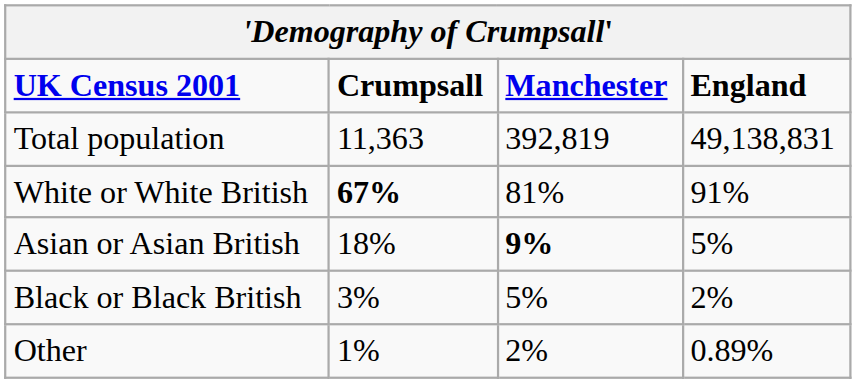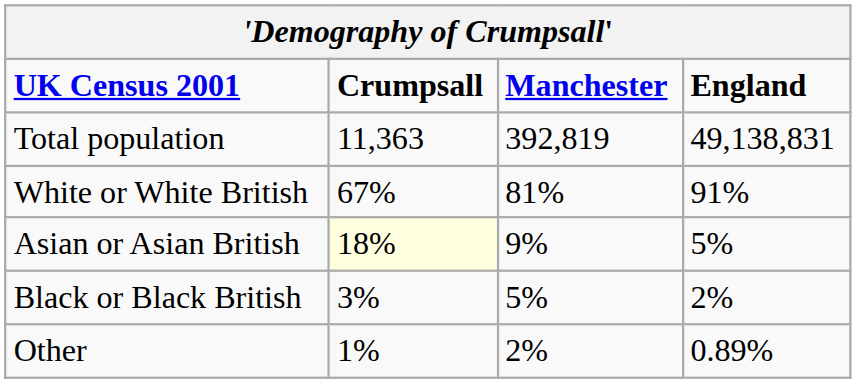 <table class="wikitable" style="float: right; margin-left: 1em; width: 30%; font-size: 90%">
 <tr>
 <th colspan="5"><strong><em>'Demography of Crumpsall</em></strong>'</th>
 </tr>
 <tr>
 <td><strong><a href='#'>UK Census 2001</a></strong></td>
 <td><strong>Crumpsall</strong></td>
 <td><strong><a href='#'>Manchester</a></strong></td>
 <td><strong>England</strong></td>
 </tr>
 <tr>
 <td>Total population</td>
 <td>11,363</td>
 <td>392,819</td>
 <td>49,138,831</td>
 </tr>
 <tr>
 <td>White or White British</td>
-<td><strong>67%</strong></td>
+<td>67%</td>
 <td>81%</td>
 <td>91%</td>
 </tr>
 <tr>
 <td>Asian or Asian British</td>
-<td>18%</td>
-<td><strong>9%</strong></td>
+<td style="background: lightyellow;">18%</td>
+<td>9%</td>
 <td>5%</td>
 </tr>
 <tr>
 <td>Black or Black British</td>
 <td>3%</td>
 <td>5%</td>
 <td>2%</td>
 </tr>
 <tr>
 <td>Other</td>
 <td>1%</td>
 <td>2%</td>
 <td>0.89%</td>
 </tr>
 </table>
